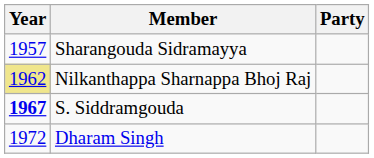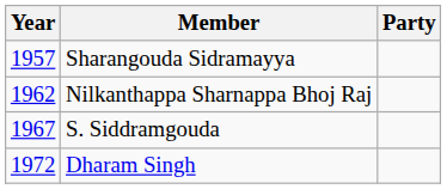 <table class="wikitable sortable">
 <tr>
 <th>Year</th>
 <th>Member</th>
 <th colspan=2>Party</th>
 </tr>
 <tr>
 <td><a href='#'>1957</a></td>
 <td>Sharangouda Sidramayya</td>
 <td></td>
 </tr>
 <tr>
-<td style="background: khaki;"><a href='#'>1962</a></td>
+<td><a href='#'>1962</a></td>
 <td>Nilkanthappa Sharnappa Bhoj Raj</td>
 <td></td>
 </tr>
 <tr>
-<td><strong><a href='#'>1967</a></strong></td>
+<td><a href='#'>1967</a></td>
 <td>S. Siddramgouda</td>
 <td></td>
 </tr>
 <tr>
 <td><a href='#'>1972</a></td>
 <td><a href='#'>Dharam Singh</a></td>
 <td></td>
 </tr>
 </table>
